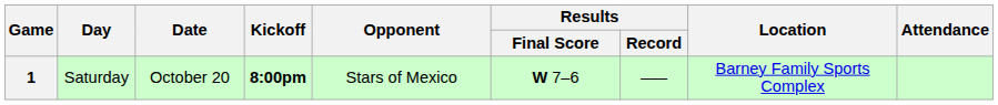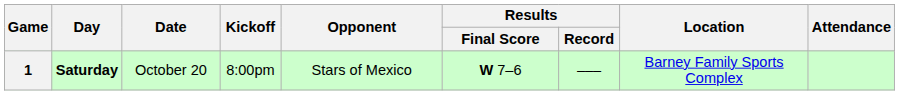 <table class="wikitable">
 <tr>
 <th rowspan="2" width="40">Game</th>
 <th rowspan="2" width="70">Day</th>
 <th rowspan="2" width="100">Date</th>
 <th rowspan="2" width="60">Kickoff</th>
 <th rowspan="2" width="170">Opponent</th>
 <th colspan="2" width="180">Results</th>
 <th rowspan="2" width="200">Location</th>
 <th rowspan="2" width="80">Attendance</th>
 </tr>
 <tr>
 <th width="120">Final Score</th>
 <th width="60">Record</th>
 </tr>
 <tr align="center" bgcolor="#CCFFCC">
 <th>1</th>
-<td>Saturday</td>
+<td><strong>Saturday</strong></td>
 <td>October 20</td>
-<td><strong>8:00pm</strong></td>
+<td>8:00pm</td>
 <td>Stars of Mexico</td>
 <td><strong>W</strong> 7–6</td>
 <td>–––</td>
 <td><a href='#'>Barney Family Sports Complex</a></td>
 <td></td>
 </tr>
 </table>
